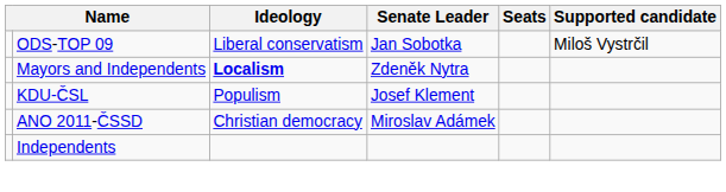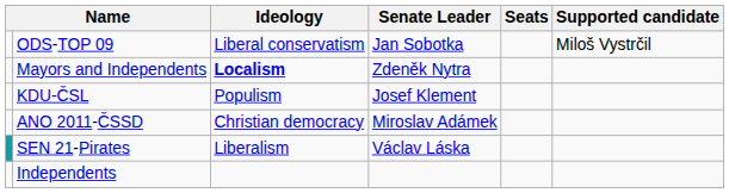 <table class="wikitable">
 <tr>
 <th colspan=2>Name</th>
 <th>Ideology</th>
 <th>Senate Leader</th>
 <th>Seats</th>
 <th>Supported candidate</th>
 </tr>
 <tr>
 <td style="background:"></td>
 <td><a href='#'>ODS</a>-<a href='#'>TOP 09</a></td>
 <td><a href='#'>Liberal conservatism</a></td>
 <td><a href='#'>Jan Sobotka</a></td>
 <td></td>
 <td>Miloš Vystrčil</td>
 </tr>
 <tr>
 <td style="background:"></td>
 <td><a href='#'>Mayors and Independents</a></td>
 <td><strong><a href='#'>Localism</a></strong></td>
 <td><a href='#'>Zdeněk Nytra</a></td>
 <td></td>
 <td></td>
 </tr>
 <tr>
 <td style="background:"></td>
 <td><a href='#'>KDU-ČSL</a></td>
 <td><a href='#'>Populism</a></td>
 <td><a href='#'>Josef Klement</a></td>
 <td></td>
 <td></td>
 </tr>
 <tr>
 <td style="background:"></td>
 <td><a href='#'>ANO 2011</a>-<a href='#'>ČSSD</a></td>
 <td><a href='#'>Christian democracy</a></td>
 <td><a href='#'>Miroslav Adámek</a></td>
 <td></td>
 <td></td>
 </tr>
 <tr>
+<td style="background:#00A2AD;"></td>
+<td><a href='#'>SEN 21</a>-<a href='#'>Pirates</a></td>
+<td><a href='#'>Liberalism</a></td>
+<td><a href='#'>Václav Láska</a></td>
+<td></td>
+<td></td>
+</tr>
+<tr>
 <td style="background:"></td>
 <td><a href='#'>Independents</a></td>
 <td></td>
 <td></td>
 <td></td>
 <td></td>
 </tr>
 </table>
